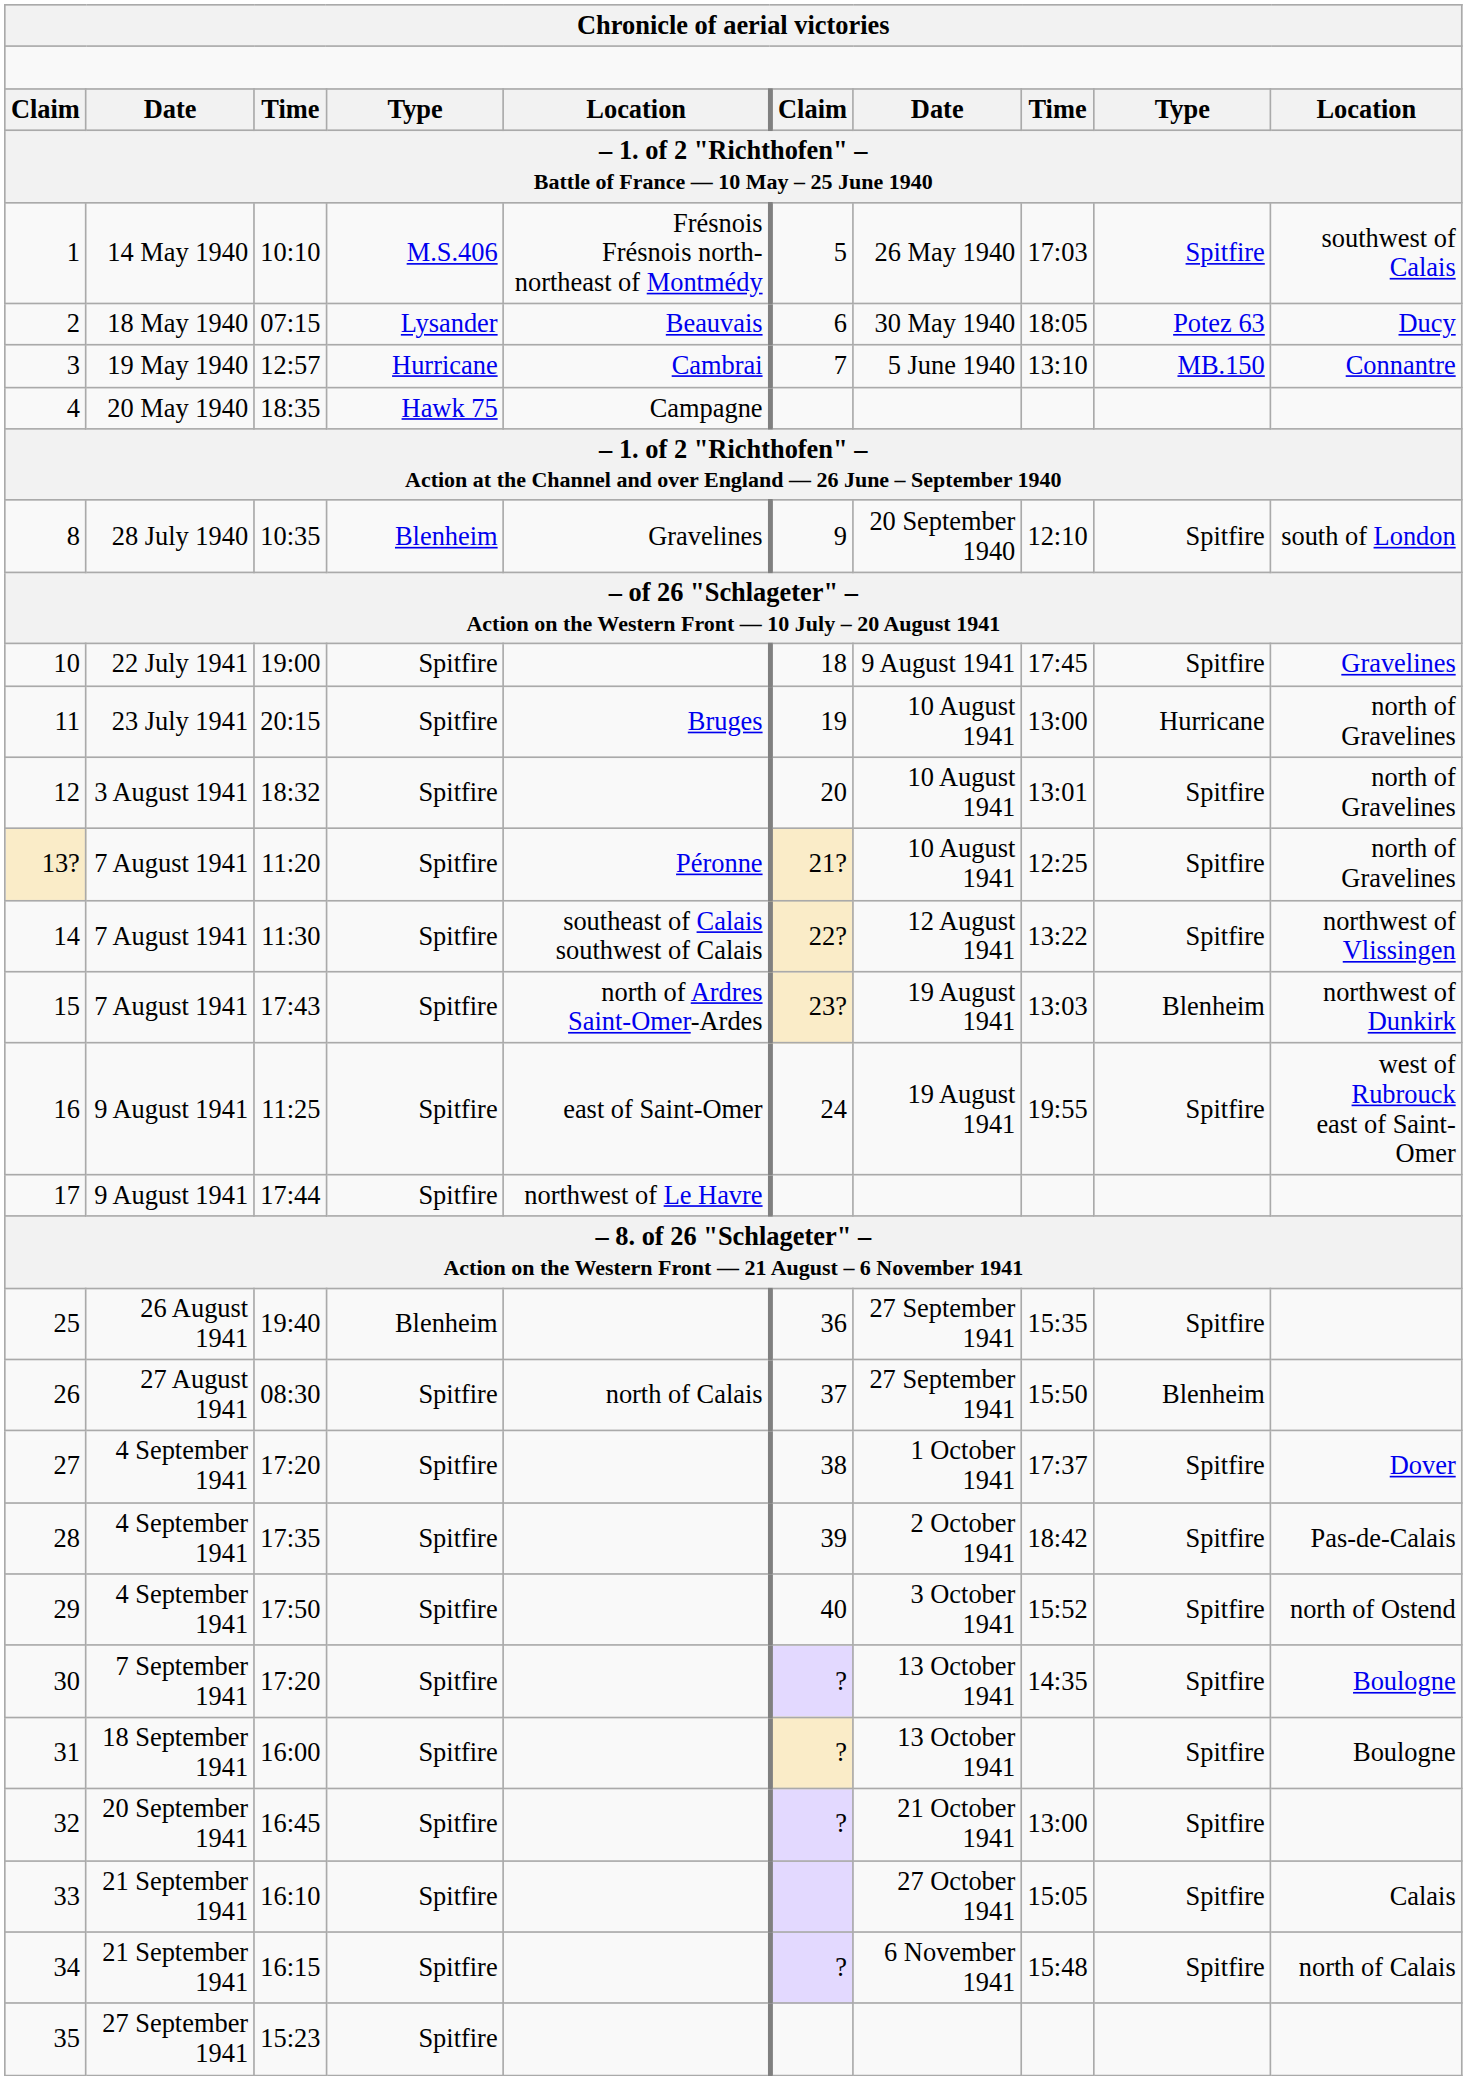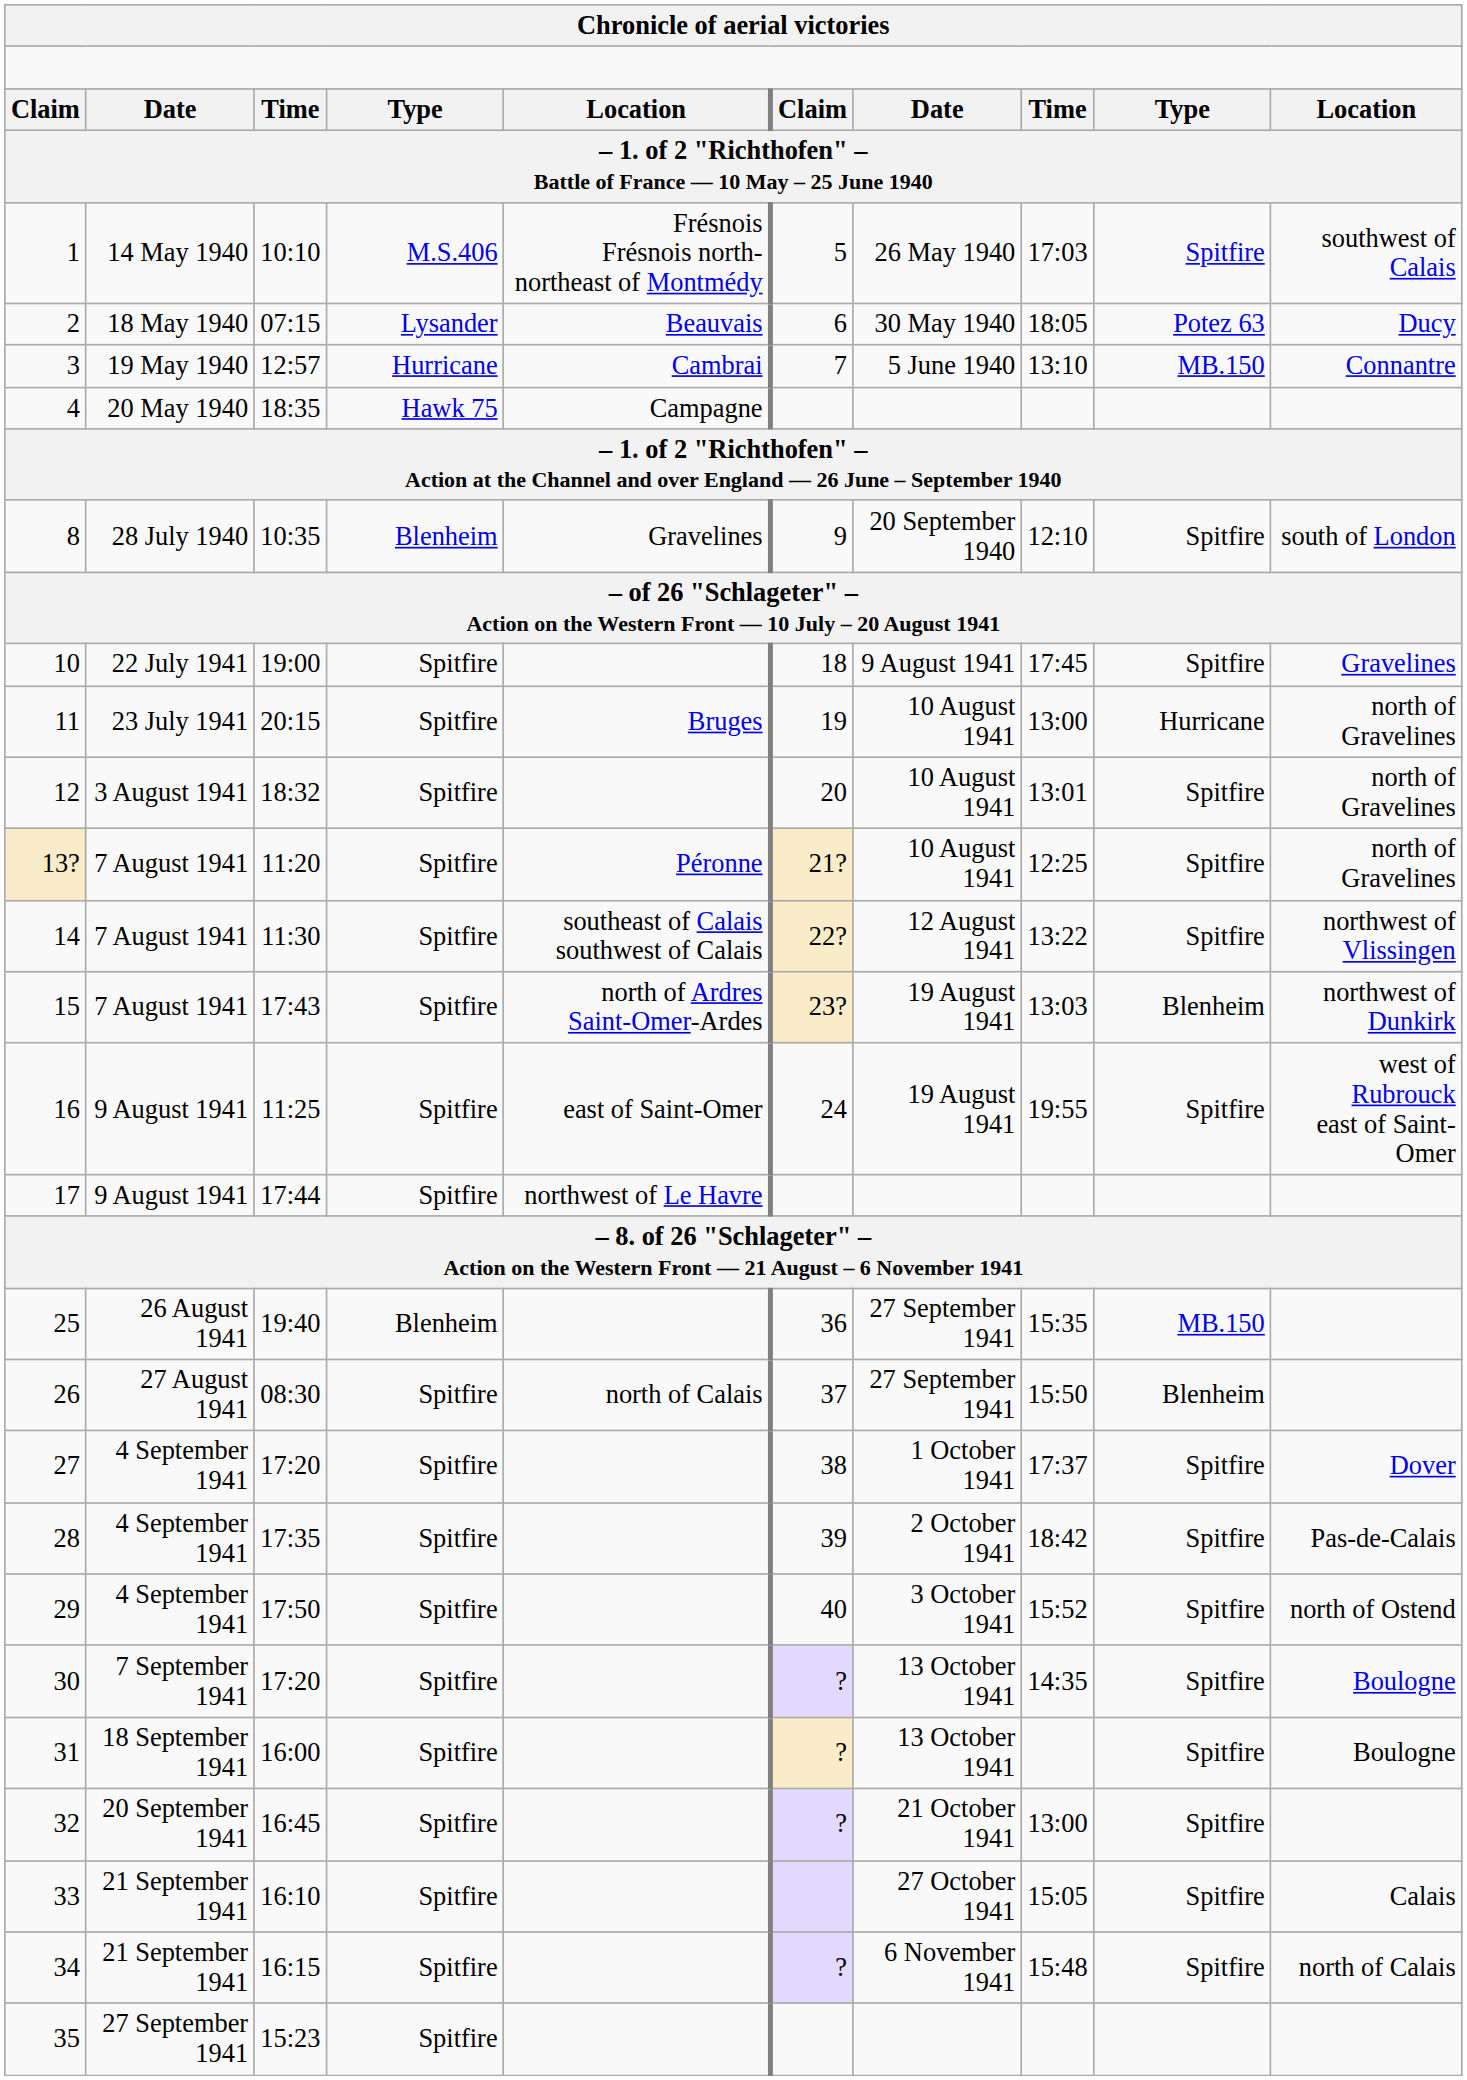 <table class="wikitable plainrowheaders collapsible" style="margin-left: auto; margin-right: auto; border: none; text-align:right; width: 100%;">
 <tr>
 <th colspan="10">Chronicle of aerial victories</th>
 </tr>
 <tr>
 <td colspan="10" style="text-align: left;"><br> </td>
 </tr>
 <tr>
 <th scope="col">Claim</th>
 <th scope="col">Date</th>
 <th scope="col">Time</th>
 <th scope="col" width="100px">Type</th>
 <th scope="col">Location</th>
 <th scope="col" style="border-left: 3px solid grey;">Claim</th>
 <th scope="col">Date</th>
 <th scope="col">Time</th>
 <th scope="col" width="100px">Type</th>
 <th scope="col">Location</th>
 </tr>
 <tr>
 <th colspan="10">– 1.  of  2 "Richthofen" –<br><small>Battle of France — 10 May – 25 June 1940</small></th>
 </tr>
 <tr>
 <td>1</td>
 <td>14 May 1940</td>
 <td>10:10</td>
 <td><a href='#'>M.S.406</a></td>
 <td>Frésnois<br>Frésnois  north-northeast of <a href='#'>Montmédy</a></td>
 <td style="border-left: 3px solid grey;">5</td>
 <td>26 May 1940</td>
 <td>17:03</td>
 <td><a href='#'>Spitfire</a></td>
 <td>southwest of <a href='#'>Calais</a></td>
 </tr>
 <tr>
 <td>2</td>
 <td>18 May 1940</td>
 <td>07:15</td>
 <td><a href='#'>Lysander</a></td>
 <td><a href='#'>Beauvais</a></td>
 <td style="border-left: 3px solid grey;">6</td>
 <td>30 May 1940</td>
 <td>18:05</td>
 <td><a href='#'>Potez 63</a></td>
 <td><a href='#'>Ducy</a></td>
 </tr>
 <tr>
 <td>3</td>
 <td>19 May 1940</td>
 <td>12:57</td>
 <td><a href='#'>Hurricane</a></td>
 <td><a href='#'>Cambrai</a></td>
 <td style="border-left: 3px solid grey;">7</td>
 <td>5 June 1940</td>
 <td>13:10</td>
 <td><a href='#'>MB.150</a></td>
 <td><a href='#'>Connantre</a></td>
 </tr>
 <tr>
 <td>4</td>
 <td>20 May 1940</td>
 <td>18:35</td>
 <td><a href='#'>Hawk 75</a></td>
 <td>Campagne</td>
 <td style="border-left: 3px solid grey;"></td>
 <td></td>
 <td></td>
 <td></td>
 <td></td>
 </tr>
 <tr>
 <th colspan="10">– 1.  of  2 "Richthofen" –<br><small>Action at the Channel and over England — 26 June – September 1940</small></th>
 </tr>
 <tr>
 <td>8</td>
 <td>28 July 1940</td>
 <td>10:35</td>
 <td><a href='#'>Blenheim</a></td>
 <td>Gravelines</td>
 <td style="border-left: 3px solid grey;">9</td>
 <td>20 September 1940</td>
 <td>12:10</td>
 <td>Spitfire</td>
 <td>south of <a href='#'>London</a></td>
 </tr>
 <tr>
 <th colspan="10">–  of  26 "Schlageter" –<br><small>Action on the Western Front — 10 July – 20 August 1941</small></th>
 </tr>
 <tr>
 <td>10</td>
 <td>22 July 1941</td>
 <td>19:00</td>
 <td>Spitfire</td>
 <td></td>
 <td style="border-left: 3px solid grey;">18</td>
 <td>9 August 1941</td>
 <td>17:45</td>
 <td>Spitfire</td>
 <td><a href='#'>Gravelines</a></td>
 </tr>
 <tr>
 <td>11</td>
 <td>23 July 1941</td>
 <td>20:15</td>
 <td>Spitfire</td>
 <td><a href='#'>Bruges</a></td>
 <td style="border-left: 3px solid grey;">19</td>
 <td>10 August 1941</td>
 <td>13:00</td>
 <td>Hurricane</td>
 <td>north of Gravelines</td>
 </tr>
 <tr>
 <td>12</td>
 <td>3 August 1941</td>
 <td>18:32</td>
 <td>Spitfire</td>
 <td></td>
 <td style="border-left: 3px solid grey;">20</td>
 <td>10 August 1941</td>
 <td>13:01</td>
 <td>Spitfire</td>
 <td>north of Gravelines</td>
 </tr>
 <tr>
 <td style="background:#faecc8">13?</td>
 <td>7 August 1941</td>
 <td>11:20</td>
 <td>Spitfire</td>
 <td><a href='#'>Péronne</a></td>
 <td style="border-left: 3px solid grey; background:#faecc8">21?</td>
 <td>10 August 1941</td>
 <td>12:25</td>
 <td>Spitfire</td>
 <td>north of Gravelines</td>
 </tr>
 <tr>
 <td>14</td>
 <td>7 August 1941</td>
 <td>11:30</td>
 <td>Spitfire</td>
 <td>southeast of <a href='#'>Calais</a><br>southwest of Calais</td>
 <td style="border-left: 3px solid grey; background:#faecc8">22?</td>
 <td>12 August 1941</td>
 <td>13:22</td>
 <td>Spitfire</td>
 <td>northwest of <a href='#'>Vlissingen</a></td>
 </tr>
 <tr>
 <td>15</td>
 <td>7 August 1941</td>
 <td>17:43</td>
 <td>Spitfire</td>
 <td>north of <a href='#'>Ardres</a><br><a href='#'>Saint-Omer</a>-Ardes</td>
 <td style="border-left: 3px solid grey; background:#faecc8">23?</td>
 <td>19 August 1941</td>
 <td>13:03</td>
 <td>Blenheim</td>
 <td>northwest of <a href='#'>Dunkirk</a></td>
 </tr>
 <tr>
 <td>16</td>
 <td>9 August 1941</td>
 <td>11:25</td>
 <td>Spitfire</td>
 <td> east of Saint-Omer</td>
 <td style="border-left: 3px solid grey;">24</td>
 <td>19 August 1941</td>
 <td>19:55</td>
 <td>Spitfire</td>
 <td>west of <a href='#'>Rubrouck</a><br>east of Saint-Omer</td>
 </tr>
 <tr>
 <td>17</td>
 <td>9 August 1941</td>
 <td>17:44</td>
 <td>Spitfire</td>
 <td> northwest of <a href='#'>Le Havre</a></td>
 <td style="border-left: 3px solid grey;"></td>
 <td></td>
 <td></td>
 <td></td>
 <td></td>
 </tr>
 <tr>
 <th colspan="10">– 8.  of  26 "Schlageter" –<br><small>Action on the Western Front — 21 August – 6 November 1941</small></th>
 </tr>
 <tr>
 <td>25</td>
 <td>26 August 1941</td>
 <td>19:40</td>
 <td>Blenheim</td>
 <td></td>
 <td style="border-left: 3px solid grey;">36</td>
 <td>27 September 1941</td>
 <td>15:35</td>
-<td>Spitfire</td>
+<td><a href='#'>MB.150</a></td>
 <td></td>
 </tr>
 <tr>
 <td>26</td>
 <td>27 August 1941</td>
 <td>08:30</td>
 <td>Spitfire</td>
 <td> north of Calais</td>
 <td style="border-left: 3px solid grey;">37</td>
 <td>27 September 1941</td>
 <td>15:50</td>
 <td>Blenheim</td>
 <td></td>
 </tr>
 <tr>
 <td>27</td>
 <td>4 September 1941</td>
 <td>17:20</td>
 <td>Spitfire</td>
 <td></td>
 <td style="border-left: 3px solid grey;">38</td>
 <td>1 October 1941</td>
 <td>17:37</td>
 <td>Spitfire</td>
 <td><a href='#'>Dover</a></td>
 </tr>
 <tr>
 <td>28</td>
 <td>4 September 1941</td>
 <td>17:35</td>
 <td>Spitfire</td>
 <td></td>
 <td style="border-left: 3px solid grey;">39</td>
 <td>2 October 1941</td>
 <td>18:42</td>
 <td>Spitfire</td>
 <td>Pas-de-Calais</td>
 </tr>
 <tr>
 <td>29</td>
 <td>4 September 1941</td>
 <td>17:50</td>
 <td>Spitfire</td>
 <td></td>
 <td style="border-left: 3px solid grey;">40</td>
 <td>3 October 1941</td>
 <td>15:52</td>
 <td>Spitfire</td>
 <td> north of Ostend</td>
 </tr>
 <tr>
 <td>30</td>
 <td>7 September 1941</td>
 <td>17:20</td>
 <td>Spitfire</td>
 <td></td>
 <td style="border-left: 3px solid grey; background:#e3d9ff;">?</td>
 <td>13 October 1941</td>
 <td>14:35</td>
 <td>Spitfire</td>
 <td><a href='#'>Boulogne</a></td>
 </tr>
 <tr>
 <td>31</td>
 <td>18 September 1941</td>
 <td>16:00</td>
 <td>Spitfire</td>
 <td></td>
 <td style="border-left: 3px solid grey; background:#faecc8">?</td>
 <td>13 October 1941</td>
 <td></td>
 <td>Spitfire</td>
 <td>Boulogne</td>
 </tr>
 <tr>
 <td>32</td>
 <td>20 September 1941</td>
 <td>16:45</td>
 <td>Spitfire</td>
 <td></td>
 <td style="border-left: 3px solid grey; background:#e3d9ff;">?</td>
 <td>21 October 1941</td>
 <td>13:00</td>
 <td>Spitfire</td>
 <td></td>
 </tr>
 <tr>
 <td>33</td>
 <td>21 September 1941</td>
 <td>16:10</td>
 <td>Spitfire</td>
 <td></td>
 <td style="border-left: 3px solid grey; background:#e3d9ff;"></td>
 <td>27 October 1941</td>
 <td>15:05</td>
 <td>Spitfire</td>
 <td>Calais</td>
 </tr>
 <tr>
 <td>34</td>
 <td>21 September 1941</td>
 <td>16:15</td>
 <td>Spitfire</td>
 <td></td>
 <td style="border-left: 3px solid grey; background:#e3d9ff;">?</td>
 <td>6 November 1941</td>
 <td>15:48</td>
 <td>Spitfire</td>
 <td> north of Calais</td>
 </tr>
 <tr>
 <td>35</td>
 <td>27 September 1941</td>
 <td>15:23</td>
 <td>Spitfire</td>
 <td></td>
 <td style="border-left: 3px solid grey;"></td>
 <td></td>
 <td></td>
 <td></td>
 <td></td>
 </tr>
 </table>
